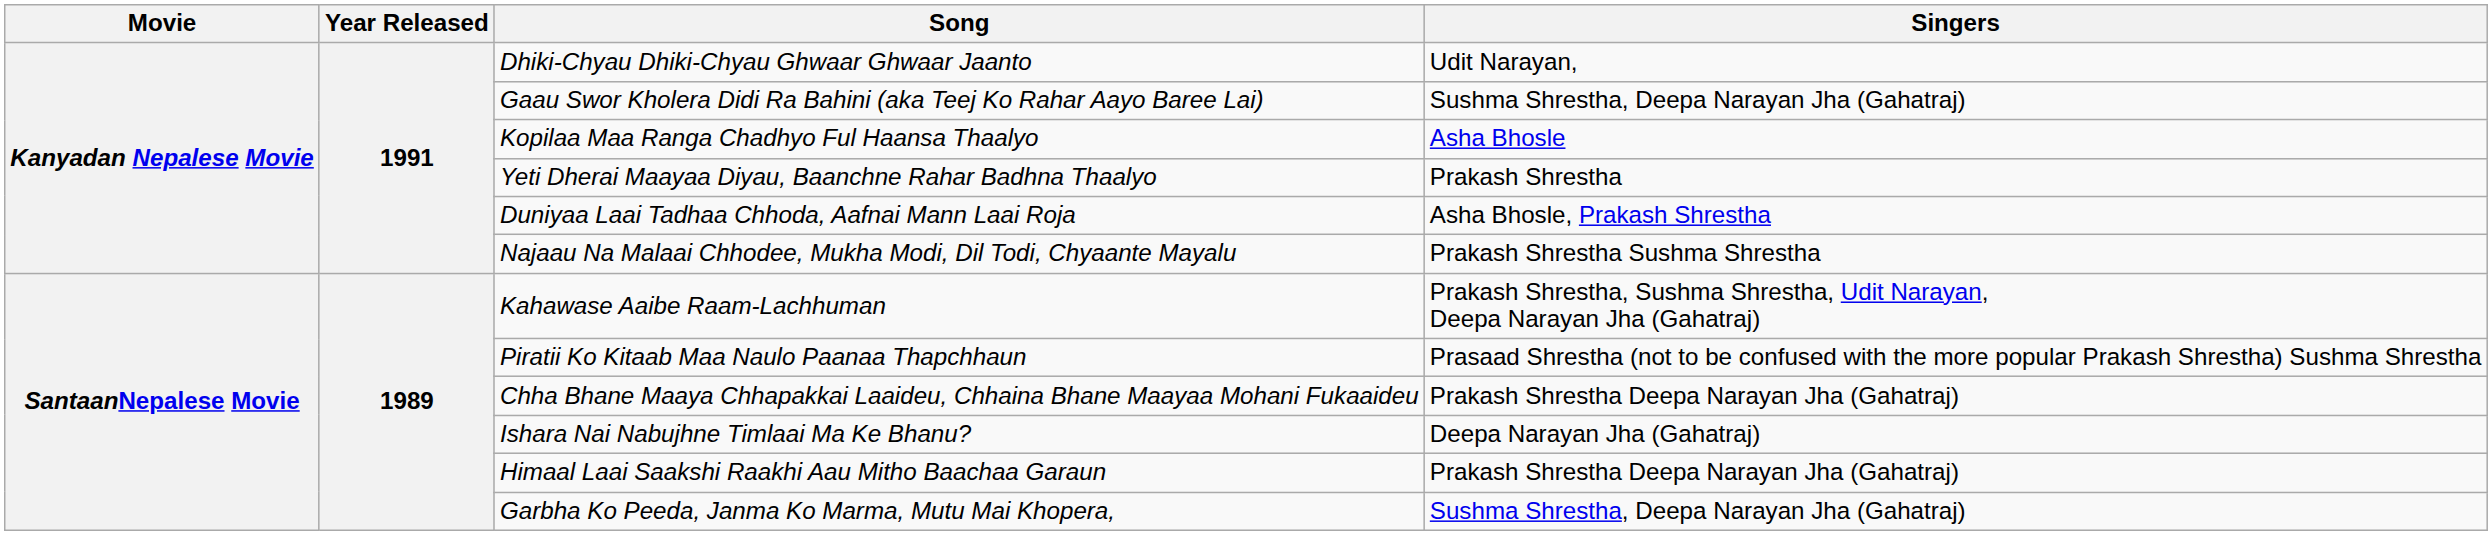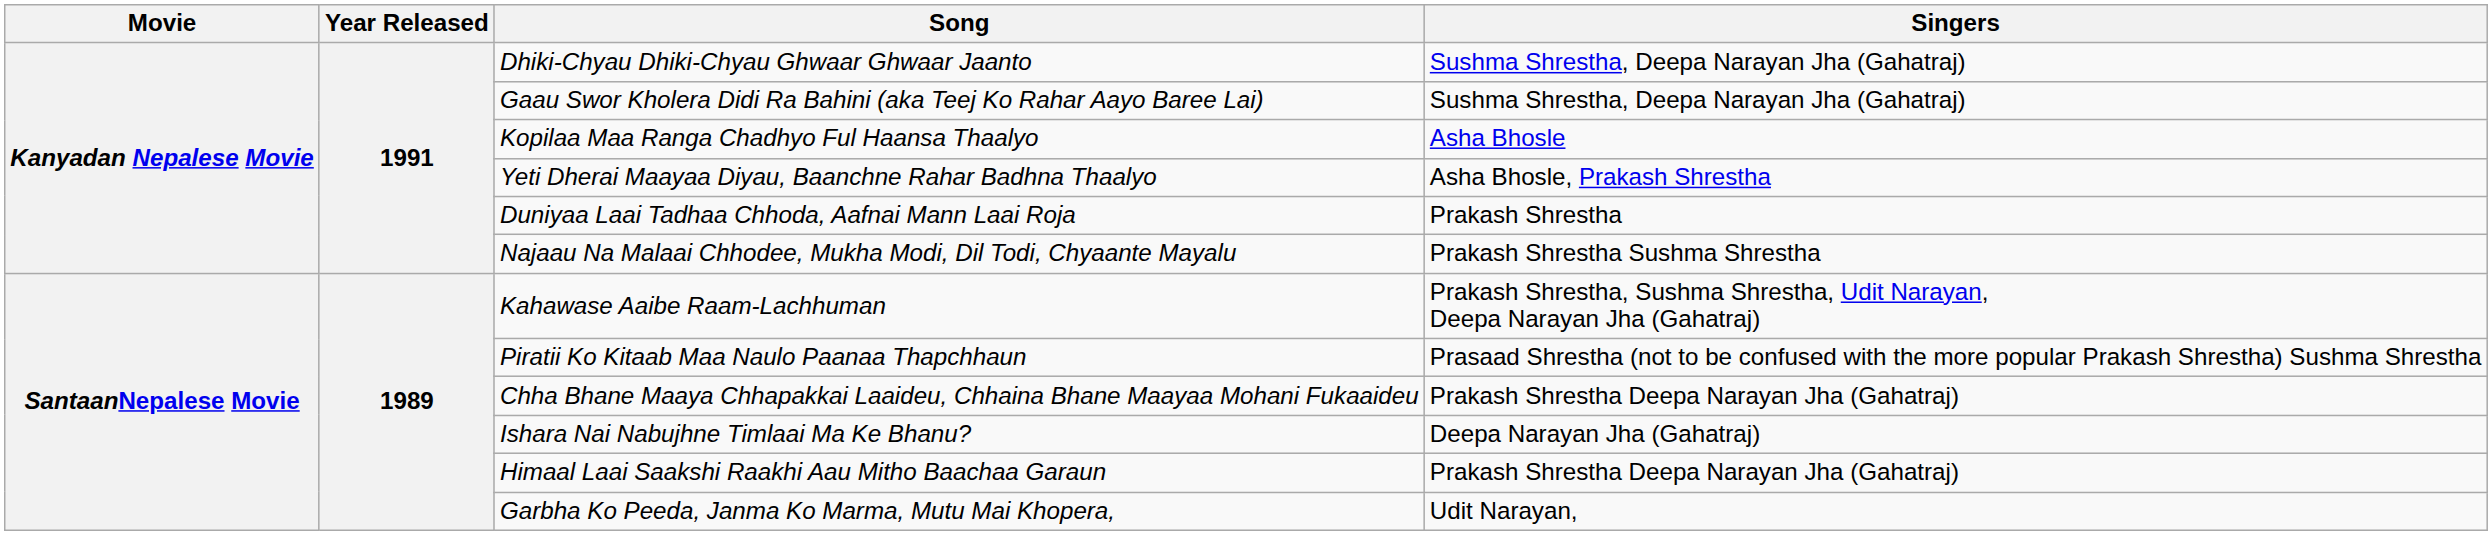 <table class="wikitable">
 <tr>
 <th>Movie</th>
 <th>Year Released</th>
 <th>Song</th>
 <th>Singers</th>
 </tr>
 <tr>
 <th rowspan=6><em>Kanyadan <a href='#'>Nepalese</a> <a href='#'>Movie</a></em></th>
 <th rowspan=6>1991</th>
 <td><em>Dhiki-Chyau Dhiki-Chyau Ghwaar Ghwaar Jaanto</em></td>
-<td>Udit Narayan,</td>
+<td><a href='#'>Sushma Shrestha</a>, Deepa Narayan Jha (Gahatraj)</td>
 </tr>
 <tr>
 <td><em>Gaau Swor Kholera Didi Ra Bahini (aka</em> <em>Teej Ko Rahar Aayo Baree Lai)</em></td>
 <td>Sushma Shrestha, Deepa Narayan Jha (Gahatraj)</td>
 </tr>
 <tr>
 <td><em>Kopilaa Maa Ranga Chadhyo Ful Haansa Thaalyo</em></td>
 <td><a href='#'>Asha Bhosle</a></td>
 </tr>
 <tr>
 <td><em>Yeti Dherai Maayaa Diyau, Baanchne Rahar Badhna Thaalyo</em></td>
-<td>Prakash Shrestha</td>
+<td>Asha Bhosle, <a href='#'>Prakash Shrestha</a></td>
 </tr>
 <tr>
 <td><em>Duniyaa Laai Tadhaa Chhoda, Aafnai Mann Laai Roja</em></td>
-<td>Asha Bhosle, <a href='#'>Prakash Shrestha</a></td>
+<td>Prakash Shrestha</td>
 </tr>
 <tr>
 <td><em>Najaau Na Malaai Chhodee, Mukha Modi, Dil Todi, Chyaante Mayalu</em></td>
 <td>Prakash Shrestha Sushma Shrestha</td>
 </tr>
 <tr>
 <th rowspan=6><em>Santaan</em><a href='#'>Nepalese</a> <a href='#'>Movie</a></th>
 <th rowspan=6>1989</th>
 <td><em>Kahawase Aaibe Raam-Lachhuman</em></td>
 <td>Prakash Shrestha, Sushma Shrestha, <a href='#'>Udit Narayan</a>,<br>Deepa Narayan Jha (Gahatraj)</td>
 </tr>
 <tr>
 <td><em>Piratii Ko Kitaab Maa Naulo Paanaa Thapchhaun</em></td>
 <td>Prasaad Shrestha (not to be confused with the more popular Prakash Shrestha) Sushma Shrestha</td>
 </tr>
 <tr>
 <td><em>Chha Bhane Maaya Chhapakkai Laaideu, Chhaina Bhane Maayaa Mohani Fukaaideu</em></td>
 <td>Prakash Shrestha Deepa Narayan Jha (Gahatraj)</td>
 </tr>
 <tr>
 <td><em>Ishara Nai Nabujhne Timlaai Ma Ke Bhanu?</em></td>
 <td>Deepa Narayan Jha (Gahatraj)</td>
 </tr>
 <tr>
 <td><em>Himaal Laai Saakshi Raakhi Aau Mitho Baachaa Garaun</em></td>
 <td>Prakash Shrestha Deepa Narayan Jha (Gahatraj)</td>
 </tr>
 <tr>
 <td><em>Garbha Ko Peeda, Janma Ko Marma, Mutu Mai Khopera,</em></td>
-<td><a href='#'>Sushma Shrestha</a>, Deepa Narayan Jha (Gahatraj)</td>
+<td>Udit Narayan,</td>
 </tr>
 </table>
